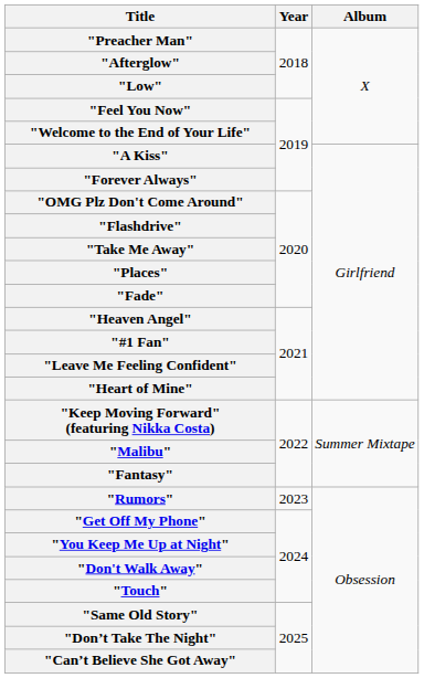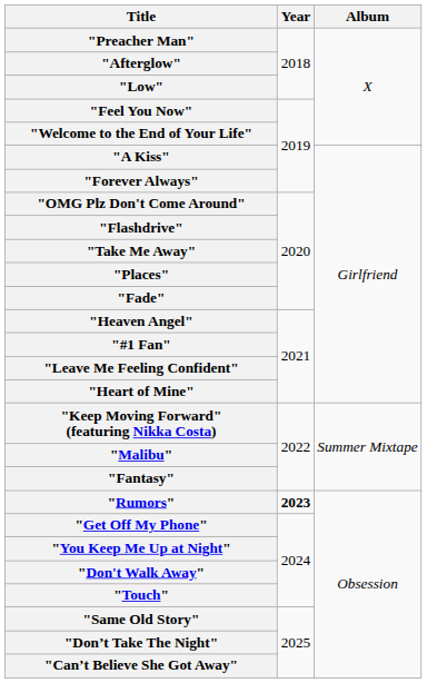 <table class="wikitable plainrowheaders" style="text-align:center;">
 <tr>
 <th scope="col" style="width:18em;">Title</th>
 <th scope="col">Year</th>
 <th scope="col">Album</th>
 </tr>
 <tr>
 <th scope="row">"Preacher Man"</th>
 <td rowspan="3">2018</td>
 <td rowspan="5"><em>X</em></td>
 </tr>
 <tr>
 <th scope="row">"Afterglow"</th>
 </tr>
 <tr>
 <th scope="row">"Low"</th>
 </tr>
 <tr>
 <th scope="row">"Feel You Now"</th>
 <td rowspan="4">2019</td>
 </tr>
 <tr>
 <th scope="row">"Welcome to the End of Your Life"</th>
 </tr>
 <tr>
 <th scope="row">"A Kiss"</th>
 <td rowspan="11"><em>Girlfriend</em></td>
 </tr>
 <tr>
 <th scope="row">"Forever Always"</th>
 </tr>
 <tr>
 <th scope="row">"OMG Plz Don't Come Around"</th>
 <td rowspan="5">2020</td>
 </tr>
 <tr>
 <th scope="row">"Flashdrive"</th>
 </tr>
 <tr>
 <th scope="row">"Take Me Away"</th>
 </tr>
 <tr>
 <th scope="row">"Places"</th>
 </tr>
 <tr>
 <th scope="row">"Fade"</th>
 </tr>
 <tr>
 <th scope="row">"Heaven Angel"</th>
 <td rowspan="4">2021</td>
 </tr>
 <tr>
 <th scope="row">"#1 Fan"</th>
 </tr>
 <tr>
 <th scope="row">"Leave Me Feeling Confident"</th>
 </tr>
 <tr>
 <th scope="row">"Heart of Mine"</th>
 </tr>
 <tr>
 <th scope="row">"Keep Moving Forward"<br><span>(featuring <a href='#'>Nikka Costa</a>)</span></th>
 <td rowspan="3">2022</td>
 <td rowspan="3"><em>Summer Mixtape</em></td>
 </tr>
 <tr>
 <th scope="row">"<a href='#'>Malibu</a>"</th>
 </tr>
 <tr>
 <th scope="row">"Fantasy"</th>
 </tr>
 <tr>
 <th scope="row">"<a href='#'>Rumors</a>"</th>
-<td>2023</td>
+<td><strong>2023</strong></td>
 <td rowspan="8"><em>Obsession</em></td>
 </tr>
 <tr>
 <th scope="row">"<a href='#'>Get Off My Phone</a>"</th>
 <td rowspan="4">2024</td>
 </tr>
 <tr>
 <th scope="row">"<a href='#'>You Keep Me Up at Night</a>"</th>
 </tr>
 <tr>
 <th scope="row">"<a href='#'>Don't Walk Away</a>"</th>
 </tr>
 <tr>
 <th scope="row">"<a href='#'>Touch</a>"</th>
 </tr>
 <tr>
 <th scope="row">"Same Old Story"</th>
 <td rowspan="3">2025</td>
 </tr>
 <tr>
 <th scope="row">"Don’t Take The Night"</th>
 </tr>
 <tr>
 <th scope="row">"Can’t Believe She Got Away"</th>
 </tr>
 </table>
